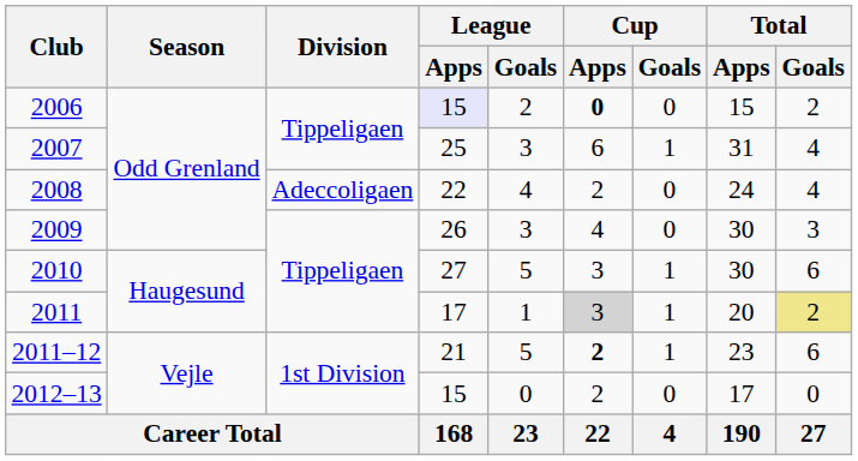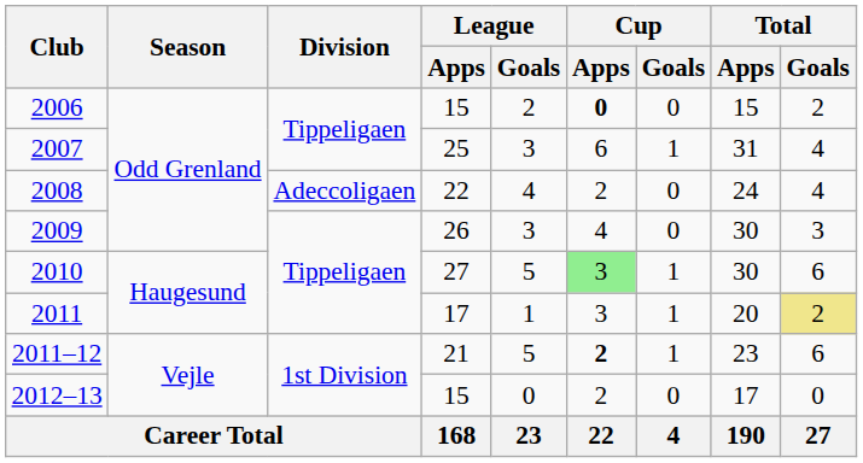 <table class="wikitable" style="text-align: center;">
 <tr>
 <th rowspan="2">Club</th>
 <th rowspan="2">Season</th>
 <th rowspan="2">Division</th>
 <th colspan="2">League</th>
 <th colspan="2">Cup</th>
 <th colspan="2">Total</th>
 </tr>
 <tr>
 <th>Apps</th>
 <th>Goals</th>
 <th>Apps</th>
 <th>Goals</th>
 <th>Apps</th>
 <th>Goals</th>
 </tr>
 <tr>
 <td><a href='#'>2006</a></td>
 <td rowspan="4" valign="center"><a href='#'>Odd Grenland</a></td>
 <td rowspan="2" valign="center"><a href='#'>Tippeligaen</a></td>
-<td style="background: lavender;">15</td>
+<td>15</td>
 <td>2</td>
 <td><strong>0</strong></td>
 <td>0</td>
 <td>15</td>
 <td>2</td>
 </tr>
 <tr>
 <td><a href='#'>2007</a></td>
 <td>25</td>
 <td>3</td>
 <td>6</td>
 <td>1</td>
 <td>31</td>
 <td>4</td>
 </tr>
 <tr>
 <td><a href='#'>2008</a></td>
 <td><a href='#'>Adeccoligaen</a></td>
 <td>22</td>
 <td>4</td>
 <td>2</td>
 <td>0</td>
 <td>24</td>
 <td>4</td>
 </tr>
 <tr>
 <td><a href='#'>2009</a></td>
 <td rowspan="3" valign="center"><a href='#'>Tippeligaen</a></td>
 <td>26</td>
 <td>3</td>
 <td>4</td>
 <td>0</td>
 <td>30</td>
 <td>3</td>
 </tr>
 <tr>
 <td><a href='#'>2010</a></td>
 <td rowspan="2" valign="center"><a href='#'>Haugesund</a></td>
 <td>27</td>
 <td>5</td>
-<td>3</td>
+<td style="background: lightgreen;">3</td>
 <td>1</td>
 <td>30</td>
 <td>6</td>
 </tr>
 <tr>
 <td><a href='#'>2011</a></td>
 <td>17</td>
 <td>1</td>
-<td style="background: lightgrey;">3</td>
+<td>3</td>
 <td>1</td>
 <td>20</td>
 <td style="background: khaki;">2</td>
 </tr>
 <tr>
 <td><a href='#'>2011–12</a></td>
 <td rowspan="2" valign="center"><a href='#'>Vejle</a></td>
 <td rowspan="2" valign="center"><a href='#'>1st Division</a></td>
 <td>21</td>
 <td>5</td>
 <td><strong>2</strong></td>
 <td>1</td>
 <td>23</td>
 <td>6</td>
 </tr>
 <tr>
 <td><a href='#'>2012–13</a></td>
 <td>15</td>
 <td>0</td>
 <td>2</td>
 <td>0</td>
 <td>17</td>
 <td>0</td>
 </tr>
 <tr>
 <th colspan="3">Career Total</th>
 <th>168</th>
 <th>23</th>
 <th>22</th>
 <th>4</th>
 <th>190</th>
 <th>27</th>
 </tr>
 </table>
